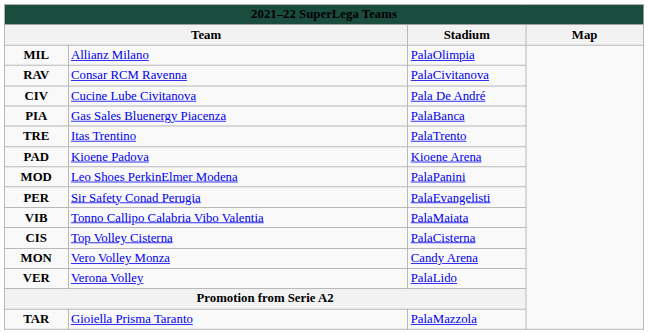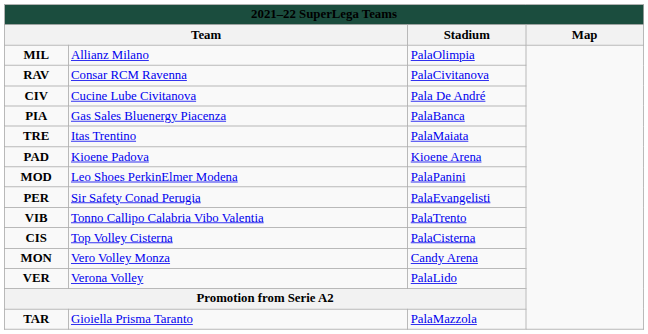 <table class="wikitable" width=800>
 <tr>
 <th style=background:#1B4D3E colspan=4><span> 2021–22 SuperLega Teams</span></th>
 </tr>
 <tr>
 <th colspan=2 style="text-align: center; border: 1px solid darkgrey; width: 200px;">Team</th>
 <th style="text-align: center; border: 1px solid darkgrey; width: 140px;">Stadium</th>
 <th style="text-align: center; border: 1px solid darkgrey; width: 140px;">Map</th>
 </tr>
 <tr>
 <td style="text-align: center; border: 1px solid darkgrey;"><strong>MIL</strong></td>
 <td style="text-align: left; border: 1px solid darkgrey;"><a href='#'>Allianz Milano</a></td>
 <td style="text-align: left; border: 1px solid darkgrey;"><a href='#'>PalaOlimpia</a></td>
 <td rowspan=14></td>
 </tr>
 <tr>
 <td style="text-align: center; border: 1px solid darkgrey;"><strong>RAV</strong></td>
 <td style="text-align: left; border: 1px solid darkgrey;"><a href='#'>Consar RCM Ravenna</a></td>
 <td style="text-align: left; border: 1px solid darkgrey;"><a href='#'>PalaCivitanova</a></td>
 </tr>
 <tr>
 <td style="text-align: center; border: 1px solid darkgrey;"><strong>CIV</strong></td>
 <td style="text-align: left; border: 1px solid darkgrey;"><a href='#'>Cucine Lube Civitanova</a></td>
 <td style="text-align: left; border: 1px solid darkgrey;"><a href='#'>Pala De André</a></td>
 </tr>
 <tr>
 <td style="text-align: center; border: 1px solid darkgrey;"><strong>PIA</strong></td>
 <td style="text-align: left; border: 1px solid darkgrey;"><a href='#'>Gas Sales Bluenergy Piacenza</a></td>
 <td style="text-align: left; border: 1px solid darkgrey;"><a href='#'>PalaBanca</a></td>
 </tr>
 <tr>
 <td style="text-align: center; border: 1px solid darkgrey;"><strong>TRE</strong></td>
 <td style="text-align: left; border: 1px solid darkgrey;"><a href='#'>Itas Trentino</a></td>
-<td style="text-align: left; border: 1px solid darkgrey;"><a href='#'>PalaTrento</a></td>
+<td style="text-align: left; border: 1px solid darkgrey;"><a href='#'>PalaMaiata</a></td>
 </tr>
 <tr>
 <td style="text-align: center; border: 1px solid darkgrey;"><strong>PAD</strong></td>
 <td style="text-align: left; border: 1px solid darkgrey;"><a href='#'>Kioene Padova</a></td>
 <td style="text-align: left; border: 1px solid darkgrey;"><a href='#'>Kioene Arena</a></td>
 </tr>
 <tr>
 <td style="text-align: center; border: 1px solid darkgrey;"><strong>MOD</strong></td>
 <td style="text-align: left; border: 1px solid darkgrey;"><a href='#'>Leo Shoes PerkinElmer Modena</a></td>
 <td style="text-align: left; border: 1px solid darkgrey;"><a href='#'>PalaPanini</a></td>
 </tr>
 <tr>
 <td style="text-align: center; border: 1px solid darkgrey;"><strong>PER</strong></td>
 <td style="text-align: left; border: 1px solid darkgrey;"><a href='#'>Sir Safety Conad Perugia</a></td>
 <td style="text-align: left; border: 1px solid darkgrey;"><a href='#'>PalaEvangelisti</a></td>
 </tr>
 <tr>
 <td style="text-align: center; border: 1px solid darkgrey;"><strong>VIB</strong></td>
 <td style="text-align: left; border: 1px solid darkgrey;"><a href='#'>Tonno Callipo Calabria Vibo Valentia</a></td>
-<td style="text-align: left; border: 1px solid darkgrey;"><a href='#'>PalaMaiata</a></td>
+<td style="text-align: left; border: 1px solid darkgrey;"><a href='#'>PalaTrento</a></td>
 </tr>
 <tr>
 <td style="text-align: center; border: 1px solid darkgrey;"><strong>CIS</strong></td>
 <td style="text-align: left; border: 1px solid darkgrey;"><a href='#'>Top Volley Cisterna</a></td>
 <td style="text-align: left; border: 1px solid darkgrey;"><a href='#'>PalaCisterna</a></td>
 </tr>
 <tr>
 <td style="text-align: center; border: 1px solid darkgrey;"><strong>MON</strong></td>
 <td style="text-align: left; border: 1px solid darkgrey;"><a href='#'>Vero Volley Monza</a></td>
 <td style="text-align: left; border: 1px solid darkgrey;"><a href='#'>Candy Arena</a></td>
 </tr>
 <tr>
 <td style="text-align: center; border: 1px solid darkgrey;"><strong>VER</strong></td>
 <td style="text-align: left; border: 1px solid darkgrey;"><a href='#'>Verona Volley</a></td>
 <td style="text-align: left; border: 1px solid darkgrey;"><a href='#'>PalaLido</a></td>
 </tr>
 <tr>
 <th colspan=3 style="text-align: center; border: 1px solid darkgrey;"> Promotion from Serie A2</th>
 </tr>
 <tr>
 <td style="text-align: center; border: 1px solid darkgrey;"><strong>TAR</strong></td>
 <td style="text-align: left; border: 1px solid darkgrey;"><a href='#'>Gioiella Prisma Taranto</a></td>
 <td style="text-align: left; border: 1px solid darkgrey;"><a href='#'>PalaMazzola</a></td>
 </tr>
 </table>
